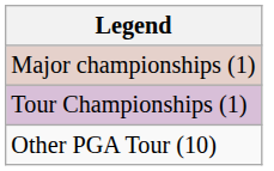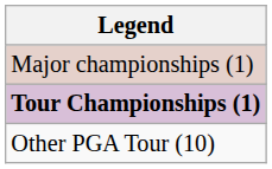 <table class="wikitable" style="font-size:95%;">
 <tr>
 <th>Legend</th>
 </tr>
 <tr style="background:#e5d1cb;">
 <td>Major championships (1)</td>
 </tr>
 <tr style="background:thistle;">
-<td>Tour Championships (1)</td>
+<td><strong>Tour Championships (1)</strong></td>
 </tr>
 <tr>
 <td>Other PGA Tour (10)</td>
 </tr>
 </table>
